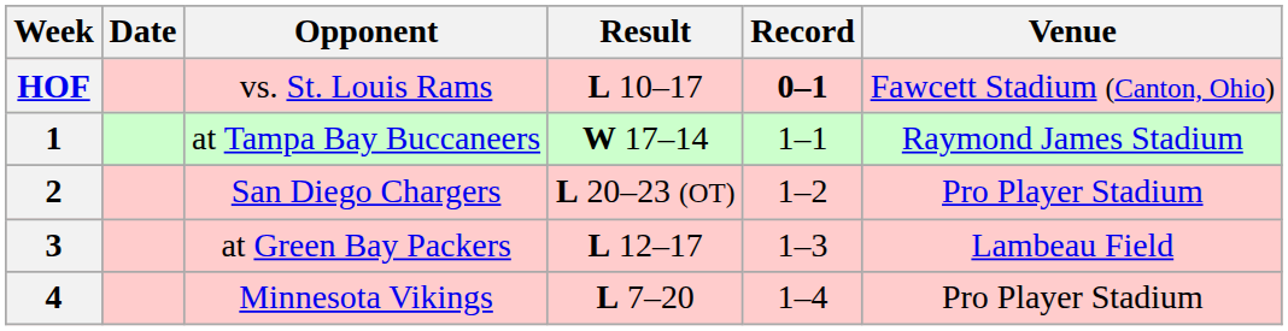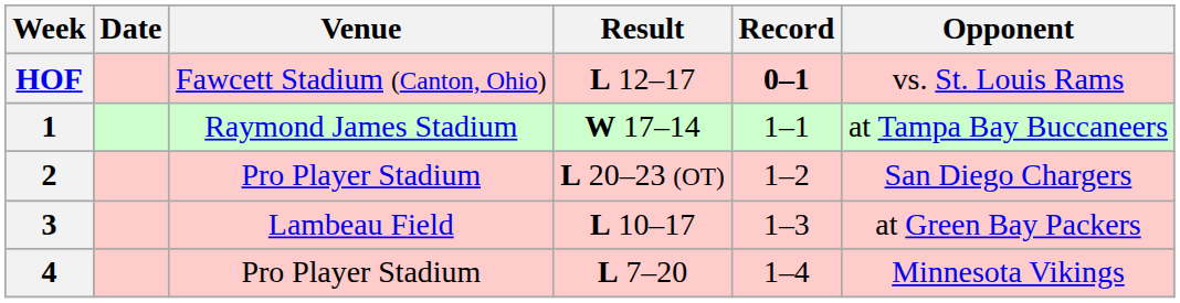 <table class="wikitable" style="text-align:center">
 <tr>
 <th>Week</th>
 <th>Date</th>
-<th>Opponent</th>
+<th>Venue</th>
 <th>Result</th>
 <th>Record</th>
-<th>Venue</th>
+<th>Opponent</th>
 </tr>
 <tr style="background: #fcc;">
 <th><a href='#'>HOF</a></th>
 <td></td>
+<td><a href='#'>Fawcett Stadium</a> <small>(<a href='#'>Canton, Ohio</a>)</small></td>
+<td><strong>L</strong> 12–17</td>
+<td><strong>0–1</strong></td>
 <td>vs. <a href='#'>St. Louis Rams</a></td>
-<td><strong>L</strong> 10–17</td>
-<td><strong>0–1</strong></td>
-<td><a href='#'>Fawcett Stadium</a> <small>(<a href='#'>Canton, Ohio</a>)</small></td>
 </tr>
 <tr style="background: #cfc;">
 <th>1</th>
 <td></td>
-<td>at <a href='#'>Tampa Bay Buccaneers</a></td>
+<td><a href='#'>Raymond James Stadium</a></td>
 <td><strong>W</strong> 17–14</td>
 <td>1–1</td>
-<td><a href='#'>Raymond James Stadium</a></td>
+<td>at <a href='#'>Tampa Bay Buccaneers</a></td>
 </tr>
 <tr style="background: #fcc;">
 <th>2</th>
 <td></td>
-<td><a href='#'>San Diego Chargers</a></td>
+<td><a href='#'>Pro Player Stadium</a></td>
 <td><strong>L</strong> 20–23 <small>(OT)</small></td>
 <td>1–2</td>
-<td><a href='#'>Pro Player Stadium</a></td>
+<td><a href='#'>San Diego Chargers</a></td>
 </tr>
 <tr style="background: #fcc;">
 <th>3</th>
 <td></td>
+<td><a href='#'>Lambeau Field</a></td>
+<td><strong>L</strong> 10–17</td>
+<td>1–3</td>
 <td>at <a href='#'>Green Bay Packers</a></td>
-<td><strong>L</strong> 12–17</td>
-<td>1–3</td>
-<td><a href='#'>Lambeau Field</a></td>
 </tr>
 <tr style="background: #fcc;">
 <th>4</th>
 <td></td>
-<td><a href='#'>Minnesota Vikings</a></td>
+<td>Pro Player Stadium</td>
 <td><strong>L</strong> 7–20</td>
 <td>1–4</td>
-<td>Pro Player Stadium</td>
+<td><a href='#'>Minnesota Vikings</a></td>
 </tr>
 </table>
